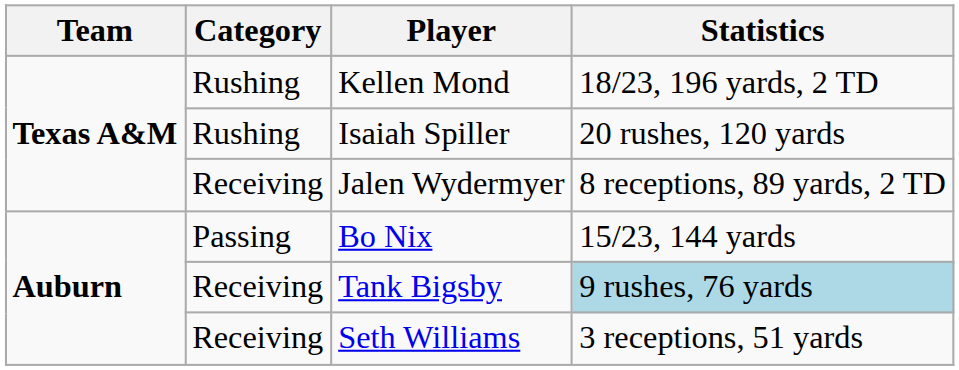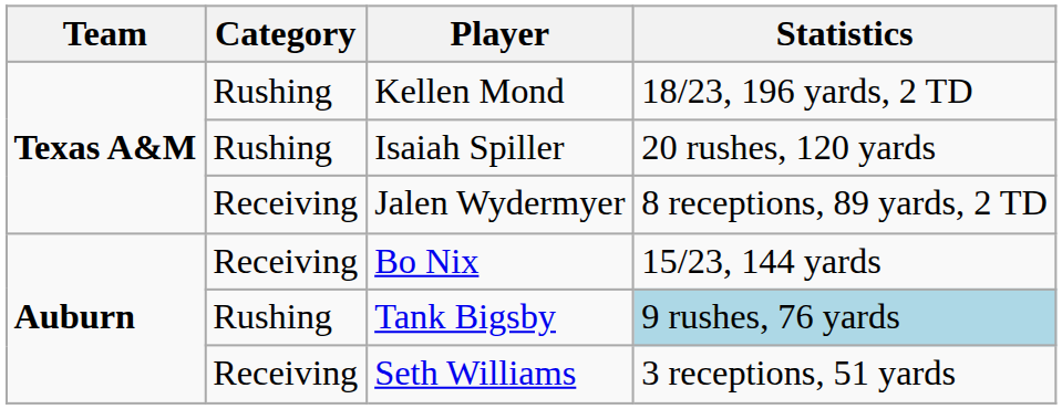 <table class="wikitable" style="float: right;">
 <tr>
 <th>Team</th>
 <th>Category</th>
 <th>Player</th>
 <th>Statistics</th>
 </tr>
 <tr>
 <td rowspan=3><strong>Texas A&M</strong></td>
 <td>Rushing</td>
 <td>Kellen Mond</td>
 <td>18/23, 196 yards, 2 TD</td>
 </tr>
 <tr>
 <td>Rushing</td>
 <td>Isaiah Spiller</td>
 <td>20 rushes, 120 yards</td>
 </tr>
 <tr>
 <td>Receiving</td>
 <td>Jalen Wydermyer</td>
 <td>8 receptions, 89 yards, 2 TD</td>
 </tr>
 <tr>
 <td rowspan=3><strong>Auburn</strong></td>
-<td>Passing</td>
+<td>Receiving</td>
 <td><a href='#'>Bo Nix</a></td>
 <td>15/23, 144 yards</td>
 </tr>
 <tr>
-<td>Receiving</td>
+<td>Rushing</td>
 <td><a href='#'>Tank Bigsby</a></td>
 <td style="background: lightblue;">9 rushes, 76 yards</td>
 </tr>
 <tr>
 <td>Receiving</td>
 <td><a href='#'>Seth Williams</a></td>
 <td>3 receptions, 51 yards</td>
 </tr>
 </table>
